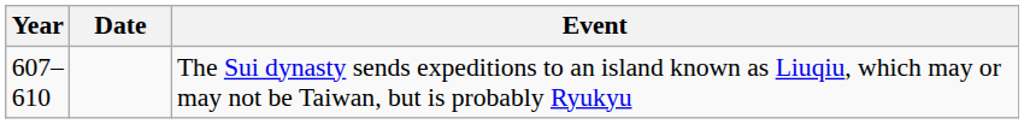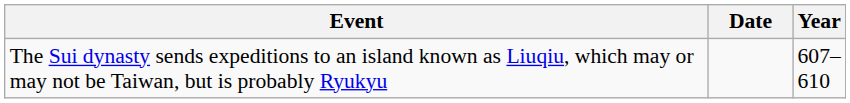 <table class="wikitable" style="width:100%;">
 <tr>
+<th>Event</th>
+<th style="width:10%">Date</th>
 <th style="width:6%">Year</th>
-<th style="width:10%">Date</th>
-<th>Event</th>
 </tr>
 <tr>
+<td>The <a href='#'>Sui dynasty</a> sends expeditions to an island known as <a href='#'>Liuqiu</a>, which may or may not be Taiwan, but is probably <a href='#'>Ryukyu</a></td>
+<td></td>
 <td>607–610</td>
-<td></td>
-<td>The <a href='#'>Sui dynasty</a> sends expeditions to an island known as <a href='#'>Liuqiu</a>, which may or may not be Taiwan, but is probably <a href='#'>Ryukyu</a></td>
 </tr>
 </table>
